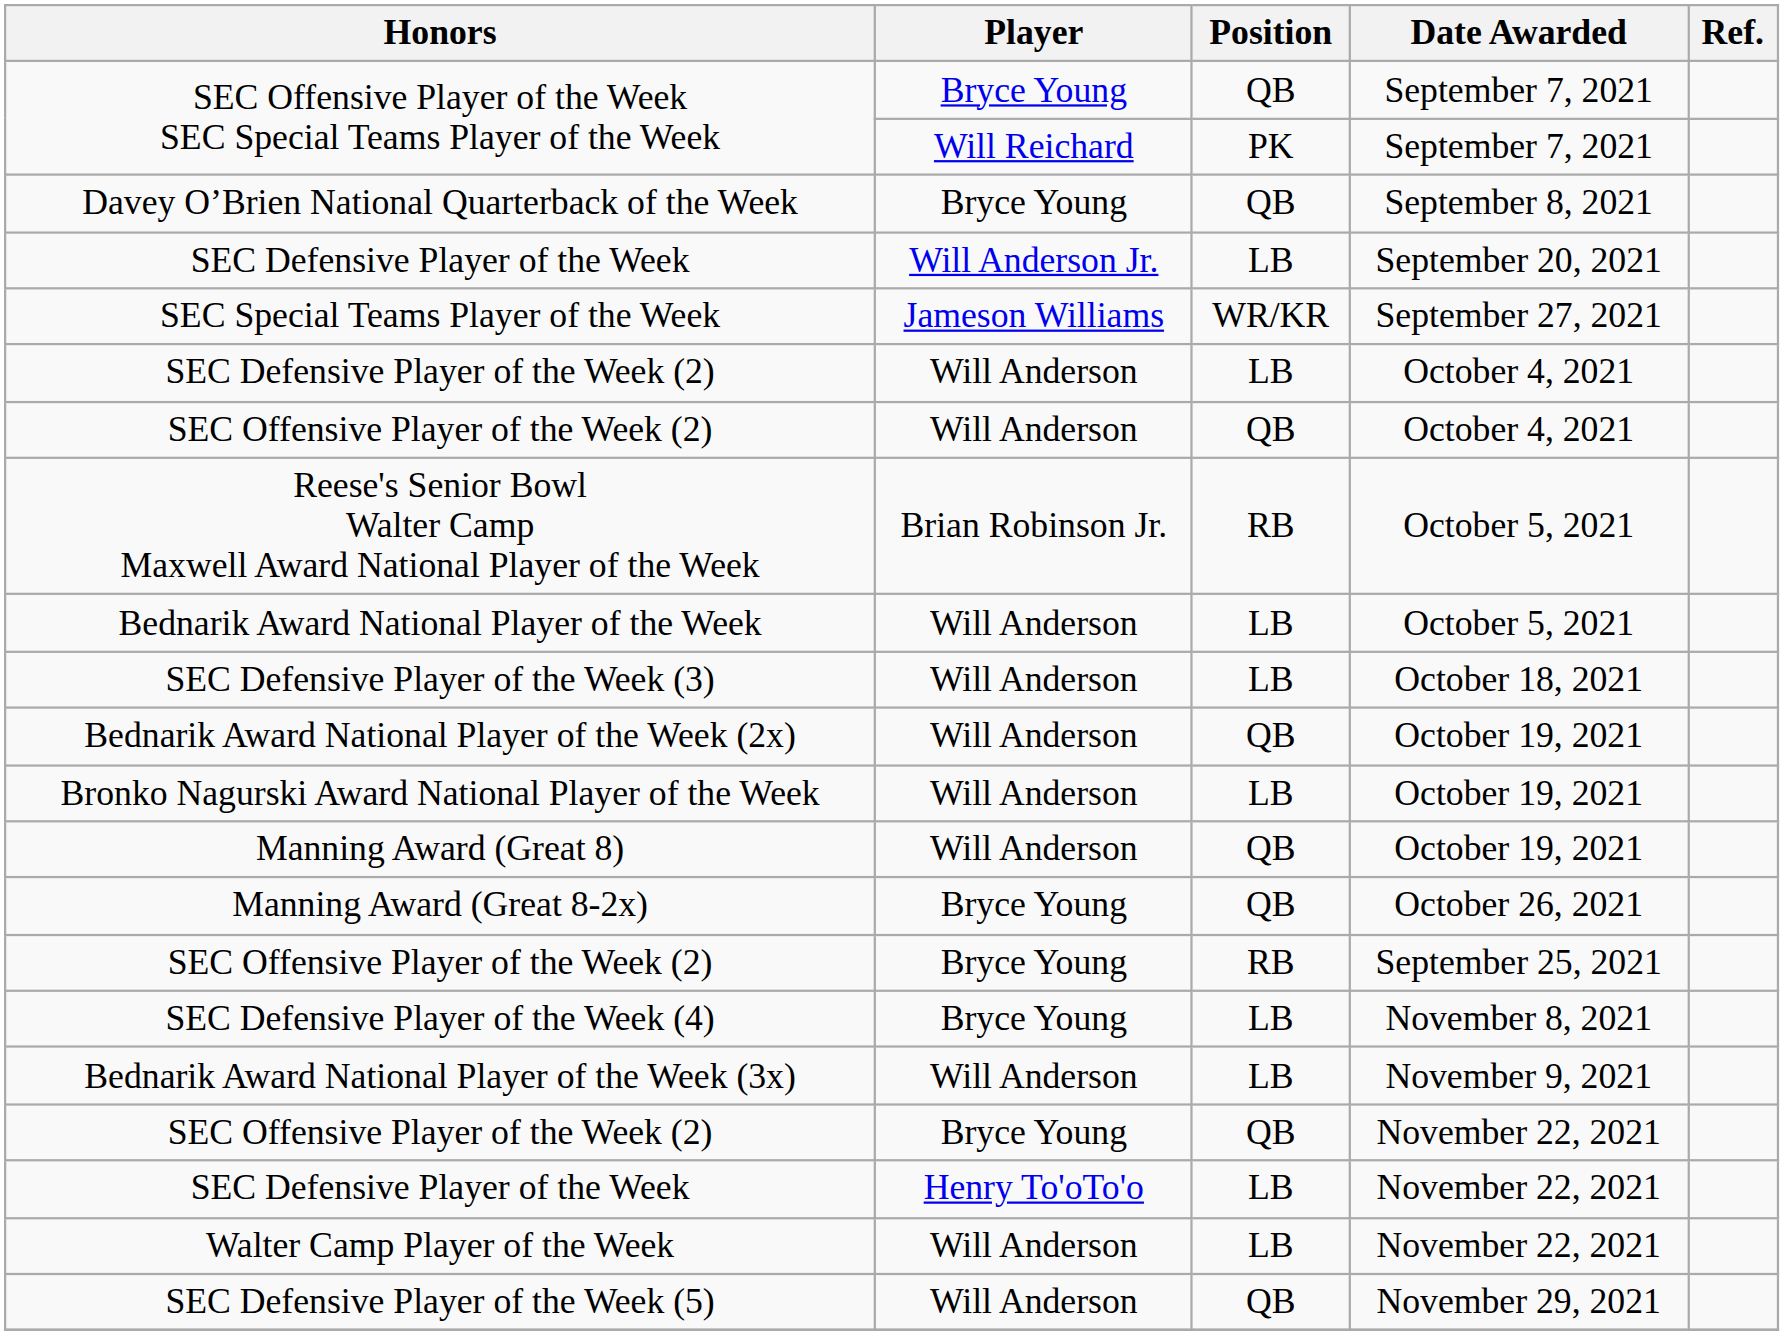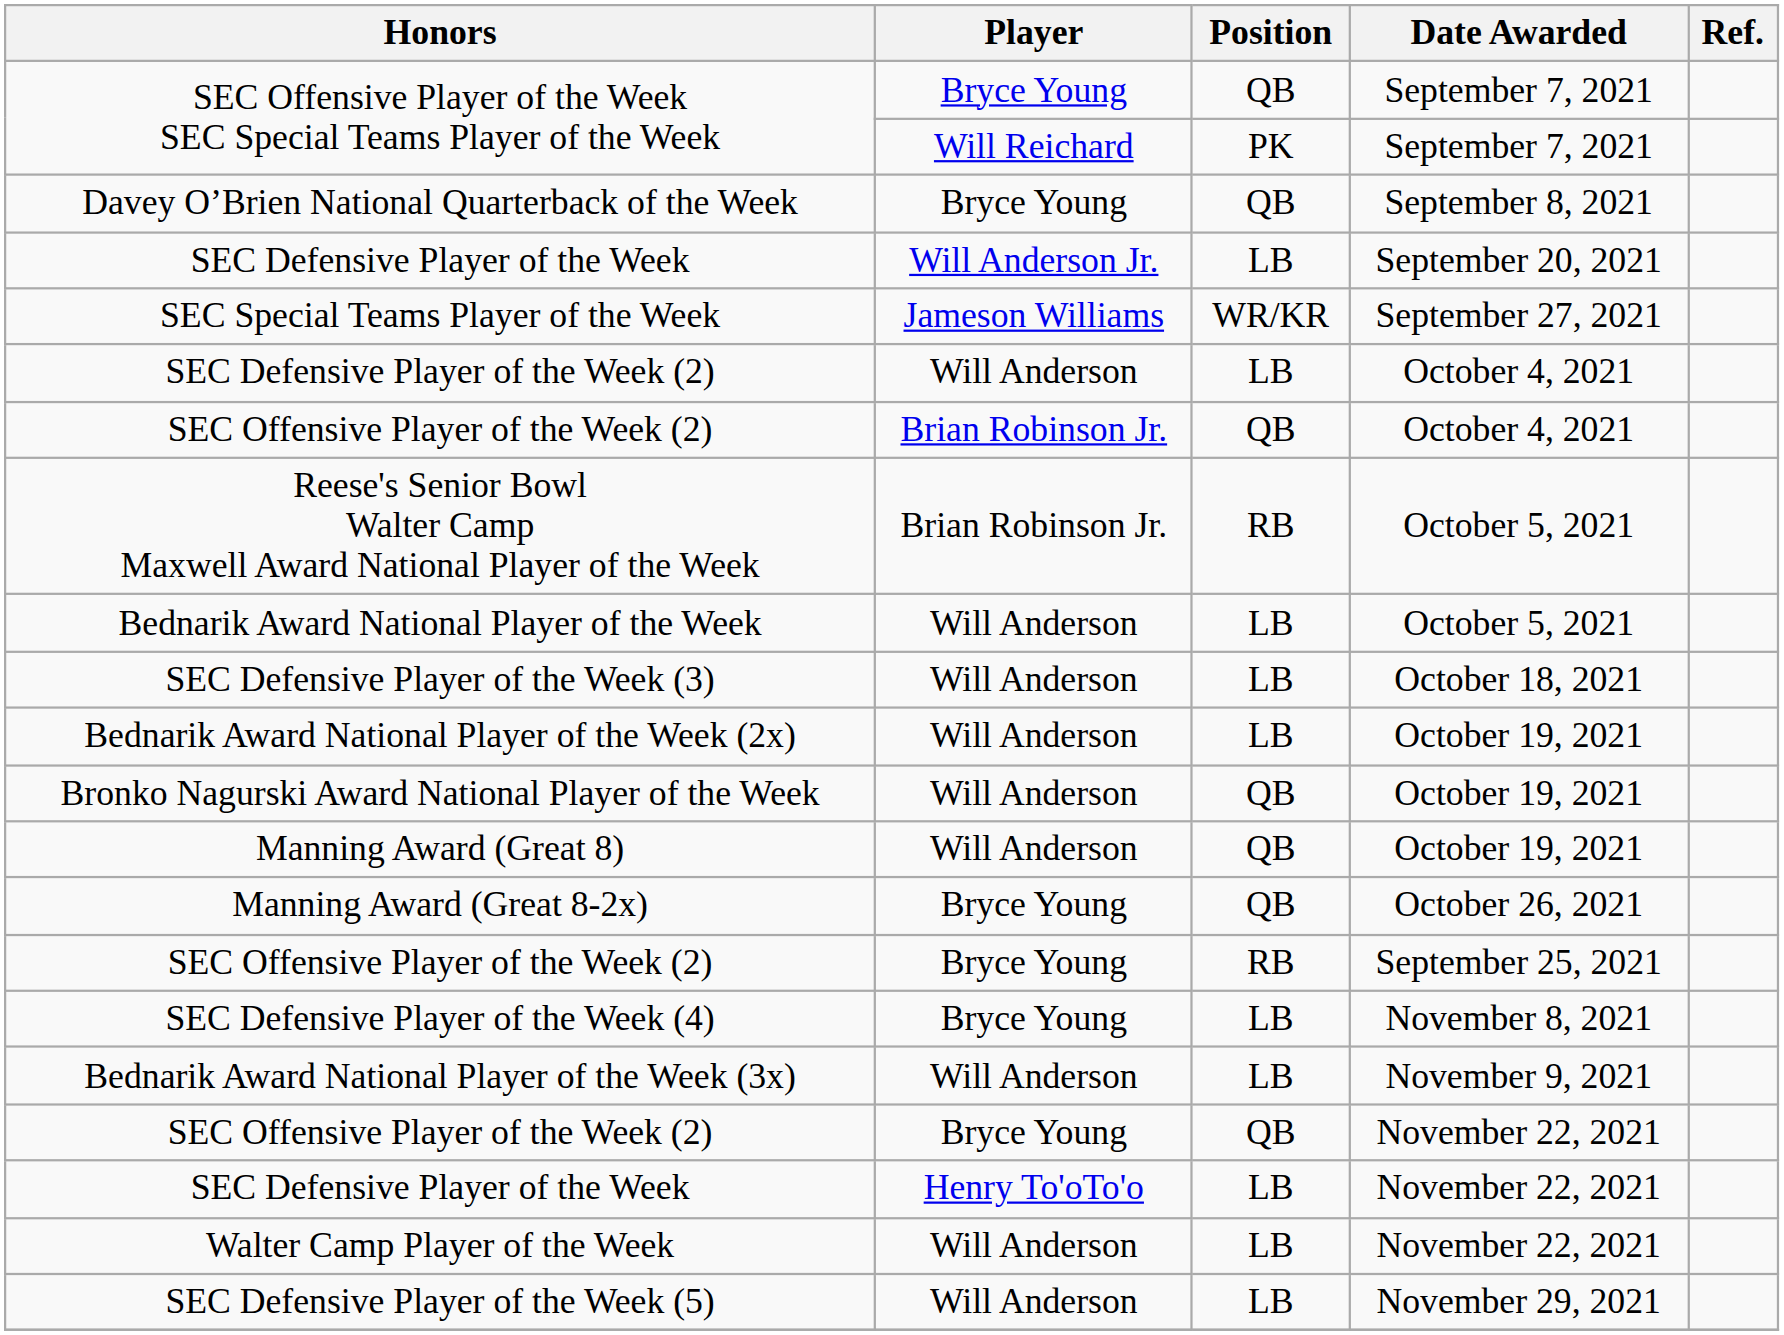 <table class="wikitable" style="width: 90%;text-align: center;">
 <tr>
 <th>Honors</th>
 <th>Player</th>
 <th>Position</th>
 <th>Date Awarded</th>
 <th>Ref.</th>
 </tr>
 <tr align="center">
 <td rowspan="2">SEC Offensive Player of the Week <br> SEC Special Teams Player of the Week</td>
 <td><a href='#'>Bryce Young</a></td>
 <td>QB</td>
 <td>September 7, 2021</td>
 <td></td>
 </tr>
 <tr>
 <td><a href='#'>Will Reichard</a></td>
 <td>PK</td>
 <td>September 7, 2021</td>
 <td></td>
 </tr>
 <tr>
 <td>Davey O’Brien National Quarterback of the Week</td>
 <td>Bryce Young</td>
 <td>QB</td>
 <td>September 8, 2021</td>
 <td></td>
 </tr>
 <tr>
 <td>SEC Defensive Player of the Week</td>
 <td><a href='#'>Will Anderson Jr.</a></td>
 <td>LB</td>
 <td>September 20, 2021</td>
 <td></td>
 </tr>
 <tr>
 <td>SEC Special Teams Player of the Week</td>
 <td><a href='#'>Jameson Williams</a></td>
 <td>WR/KR</td>
 <td>September 27, 2021</td>
 <td></td>
 </tr>
 <tr>
 <td>SEC Defensive Player of the Week (2)</td>
 <td>Will Anderson</td>
 <td>LB</td>
 <td>October 4, 2021</td>
 <td></td>
 </tr>
 <tr>
 <td>SEC Offensive Player of the Week (2)</td>
-<td>Will Anderson</td>
+<td><a href='#'>Brian Robinson Jr.</a></td>
 <td>QB</td>
 <td>October 4, 2021</td>
 <td></td>
 </tr>
 <tr>
 <td>Reese's Senior Bowl <br> Walter Camp <br> Maxwell Award National Player of the Week</td>
 <td>Brian Robinson Jr.</td>
 <td>RB</td>
 <td>October 5, 2021</td>
 <td></td>
 </tr>
 <tr>
 <td>Bednarik Award National Player of the Week</td>
 <td>Will Anderson</td>
 <td>LB</td>
 <td>October 5, 2021</td>
 <td></td>
 </tr>
 <tr>
 <td>SEC Defensive Player of the Week (3)</td>
 <td>Will Anderson</td>
 <td>LB</td>
 <td>October 18, 2021</td>
 <td></td>
 </tr>
 <tr>
 <td>Bednarik Award National Player of the Week (2x)</td>
 <td>Will Anderson</td>
-<td>QB</td>
+<td>LB</td>
 <td>October 19, 2021</td>
 <td></td>
 </tr>
 <tr>
 <td>Bronko Nagurski Award National Player of the Week</td>
 <td>Will Anderson</td>
-<td>LB</td>
+<td>QB</td>
 <td>October 19, 2021</td>
 <td></td>
 </tr>
 <tr>
 <td>Manning Award (Great 8)</td>
 <td>Will Anderson</td>
 <td>QB</td>
 <td>October 19, 2021</td>
 <td></td>
 </tr>
 <tr>
 <td>Manning Award (Great 8-2x)</td>
 <td>Bryce Young</td>
 <td>QB</td>
 <td>October 26, 2021</td>
 <td></td>
 </tr>
 <tr>
 <td>SEC Offensive Player of the Week (2)</td>
 <td>Bryce Young</td>
 <td>RB</td>
 <td>September 25, 2021</td>
 <td></td>
 </tr>
 <tr>
 <td>SEC Defensive Player of the Week (4)</td>
 <td>Bryce Young</td>
 <td>LB</td>
 <td>November 8, 2021</td>
 <td></td>
 </tr>
 <tr>
 <td>Bednarik Award National Player of the Week (3x)</td>
 <td>Will Anderson</td>
 <td>LB</td>
 <td>November 9, 2021</td>
 <td></td>
 </tr>
 <tr>
 <td>SEC Offensive Player of the Week (2)</td>
 <td>Bryce Young</td>
 <td>QB</td>
 <td>November 22, 2021</td>
 <td></td>
 </tr>
 <tr>
 <td>SEC Defensive Player of the Week</td>
 <td><a href='#'>Henry To'oTo'o</a></td>
 <td>LB</td>
 <td>November 22, 2021</td>
 <td></td>
 </tr>
 <tr>
 <td>Walter Camp Player of the Week</td>
 <td>Will Anderson</td>
 <td>LB</td>
 <td>November 22, 2021</td>
 <td></td>
 </tr>
 <tr>
 <td>SEC Defensive Player of the Week (5)</td>
 <td>Will Anderson</td>
-<td>QB</td>
+<td>LB</td>
 <td>November 29, 2021</td>
 <td></td>
 </tr>
 <tr>
 </tr>
 </table>
